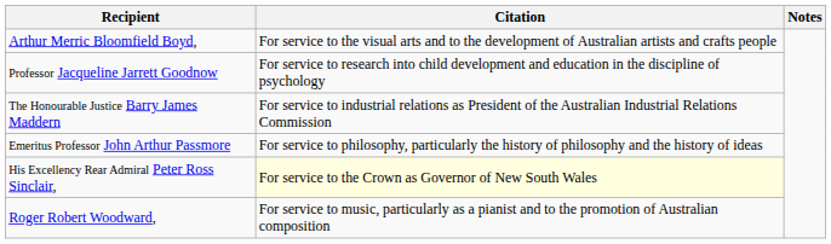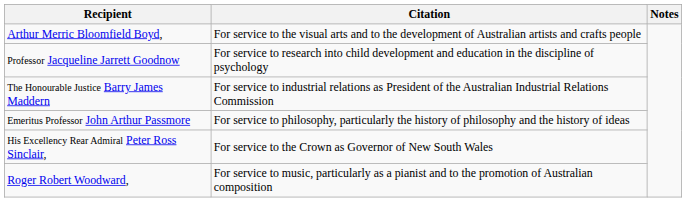 <table class="wikitable" style="font-size:95%;">
 <tr>
 <th>Recipient</th>
 <th>Citation</th>
 <th>Notes</th>
 </tr>
 <tr>
 <td><a href='#'>Arthur Merric Bloomfield Boyd</a>, </td>
 <td>For service to the visual arts and to the development of Australian artists and crafts people</td>
 <td rowspan="6"></td>
 </tr>
 <tr>
 <td><small>Professor</small> <a href='#'>Jacqueline Jarrett Goodnow</a></td>
 <td>For service to research into child development and education in the discipline of psychology</td>
 </tr>
 <tr>
 <td><small>The Honourable Justice</small> <a href='#'>Barry James Maddern</a></td>
 <td>For service to industrial relations as President of the Australian Industrial Relations Commission</td>
 </tr>
 <tr>
 <td><small>Emeritus Professor</small> <a href='#'>John Arthur Passmore</a></td>
 <td>For service to philosophy, particularly the history of philosophy and the history of ideas</td>
 </tr>
 <tr>
 <td><small>His Excellency Rear Admiral</small> <a href='#'>Peter Ross Sinclair</a>, </td>
-<td style="background: lightyellow;">For service to the Crown as Governor of New South Wales</td>
+<td>For service to the Crown as Governor of New South Wales</td>
 </tr>
 <tr>
 <td><a href='#'>Roger Robert Woodward</a>, </td>
 <td>For service to music, particularly as a pianist and to the promotion of Australian composition</td>
 </tr>
 </table>
